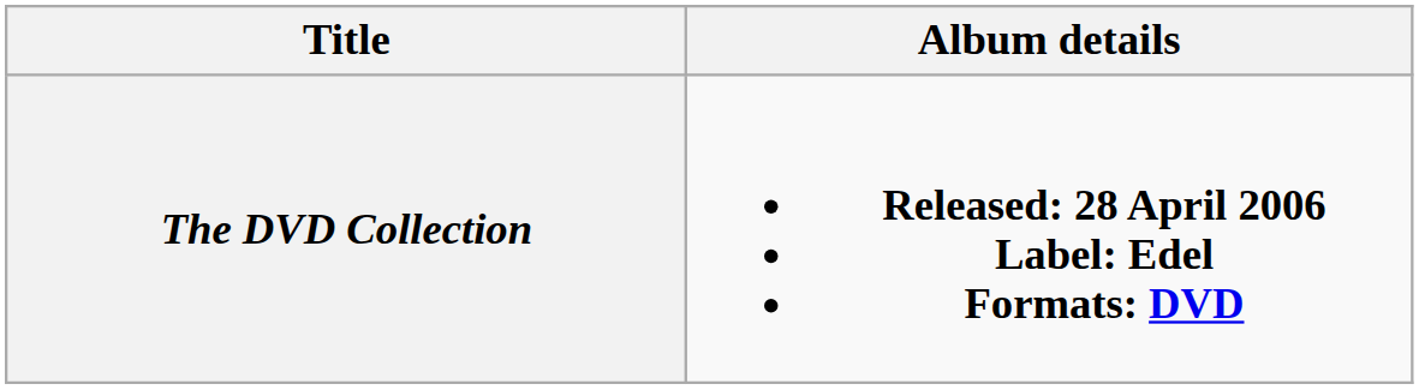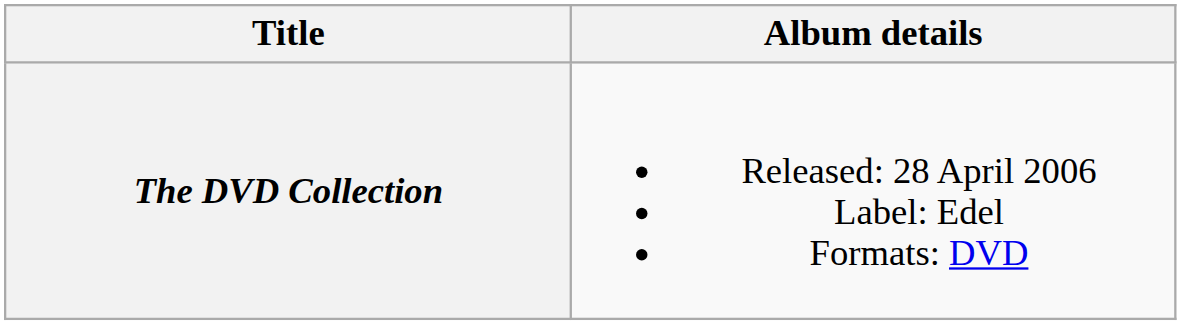 <table class="wikitable plainrowheaders" style="text-align:center;">
 <tr>
 <th scope="col" style="width:15em;">Title</th>
 <th scope="col" style="width:16em;">Album details</th>
 </tr>
 <tr>
 <th scope="row"><em>The DVD Collection</em></th>
-<td><strong><br><ul><li>Released: 28 April 2006</li><li>Label: Edel</li><li>Formats: <a href='#'>DVD</a></li></ul></strong></td>
+<td><br><ul><li>Released: 28 April 2006</li><li>Label: Edel</li><li>Formats: <a href='#'>DVD</a></li></ul></td>
 </tr>
 </table>
